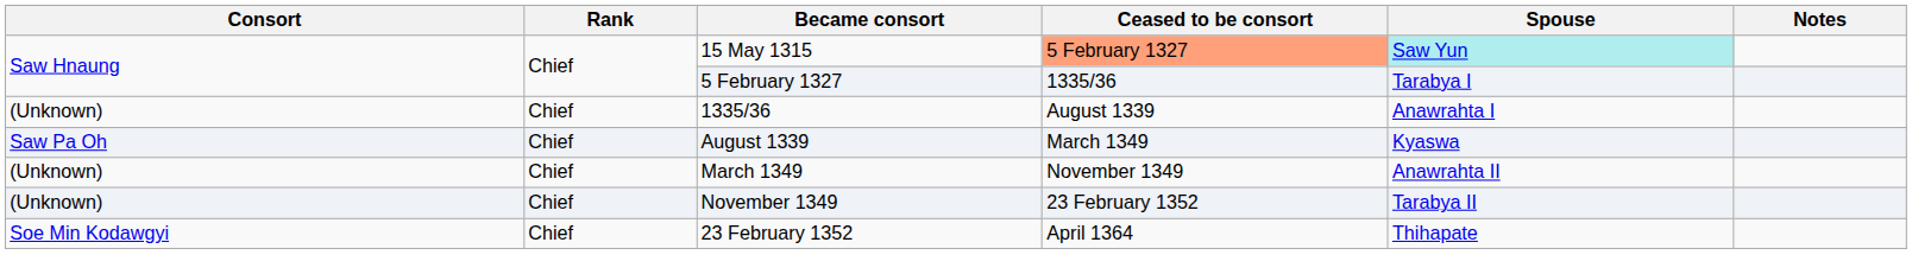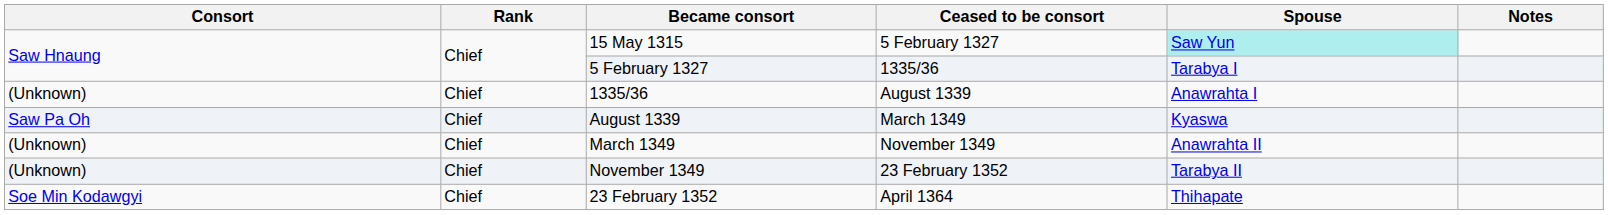 <table width=100% class="wikitable">
 <tr>
 <th width=15%>Consort</th>
 <th width=5%>Rank</th>
 <th width=10%>Became consort</th>
 <th width=10%>Ceased to be consort</th>
 <th width=10%>Spouse</th>
 <th width=5%>Notes</th>
 </tr>
 <tr>
 <td rowspan="2"><a href='#'>Saw Hnaung</a></td>
 <td rowspan="2">Chief</td>
 <td>15 May 1315</td>
-<td style="background: lightsalmon;">5 February 1327</td>
+<td>5 February 1327</td>
 <td style="background: paleturquoise;"><a href='#'>Saw Yun</a></td>
 <td></td>
 </tr>
 <tr>
 <td style="background:#eff2f7">5 February 1327</td>
 <td style="background:#eff2f7">1335/36</td>
 <td style="background:#eff2f7"><a href='#'>Tarabya I</a></td>
 <td style="background:#eff2f7"></td>
 </tr>
 <tr>
 <td>(Unknown)</td>
 <td>Chief</td>
 <td>1335/36</td>
 <td> August 1339</td>
 <td><a href='#'>Anawrahta I</a></td>
 <td></td>
 </tr>
 <tr>
 <td style="background:#eff2f7"><a href='#'>Saw Pa Oh</a></td>
 <td style="background:#eff2f7">Chief</td>
 <td style="background:#eff2f7"> August 1339</td>
 <td style="background:#eff2f7"> March 1349</td>
 <td style="background:#eff2f7"><a href='#'>Kyaswa</a></td>
 <td style="background:#eff2f7"></td>
 </tr>
 <tr>
 <td>(Unknown)</td>
 <td>Chief</td>
 <td> March 1349</td>
 <td> November 1349</td>
 <td><a href='#'>Anawrahta II</a></td>
 <td></td>
 </tr>
 <tr>
 <td style="background:#eff2f7">(Unknown)</td>
 <td style="background:#eff2f7">Chief</td>
 <td style="background:#eff2f7"> November 1349</td>
 <td style="background:#eff2f7">23 February 1352</td>
 <td style="background:#eff2f7"><a href='#'>Tarabya II</a></td>
 <td style="background:#eff2f7"></td>
 </tr>
 <tr>
 <td><a href='#'>Soe Min Kodawgyi</a></td>
 <td>Chief</td>
 <td>23 February 1352</td>
 <td>April 1364</td>
 <td><a href='#'>Thihapate</a></td>
 <td></td>
 </tr>
 </table>
